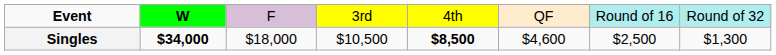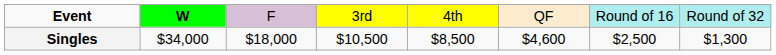 <table class=wikitable style=font-size:90%;text-align:center>
 <tr>
 <td width=130><strong>Event</strong></td>
 <td width=80 bgcolor=lime><strong>W</strong></td>
 <td width=85 bgcolor=thistle>F</td>
 <td width=85 bgcolor=ffff00>3rd</td>
 <td width=85 bgcolor=ffff00>4th</td>
 <td style="width:85px; background:#ffebcd">QF</td>
 <td width=85 bgcolor=afeeee>Round of 16</td>
 <td width=85 bgcolor=afeeee>Round of 32</td>
 </tr>
 <tr>
 <th style=background:#f3f3f3>Singles </th>
-<td><strong>$34,000</strong></td>
+<td>$34,000</td>
 <td>$18,000</td>
 <td>$10,500</td>
-<td><strong>$8,500</strong></td>
+<td>$8,500</td>
 <td>$4,600</td>
 <td>$2,500</td>
 <td>$1,300</td>
 </tr>
 </table>
